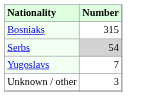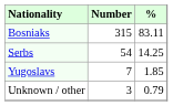 <table border=1 cellpadding=4 cellspacing=0 class="toccolours" style="align: left; margin: 0.5em 0 0 0; border-style: solid; border: 1px solid #999; border-right-width: 2px; border-bottom-width: 2px; border-collapse: collapse; font-size: 100%;">
 <tr>
 <td style="background:#ddffdd;"><strong>Nationality</strong></td>
 <td colspan=1 style="background:#ddffdd;" align="center"><strong>Number</strong></td>
+<td colspan=1 style="background:#ddffdd;" align="center"><strong>%</strong></td>
 </tr>
 <tr>
 <td style="background:#f3fff3;"><a href='#'>Bosniaks</a></td>
 <td align="right">315</td>
+<td align="right">83.11</td>
 </tr>
 <tr>
 <td style="background:#f3fff3;"><a href='#'>Serbs</a></td>
-<td align="right" style="background: lightgrey;">54</td>
+<td align="right">54</td>
+<td align="right">14.25</td>
 </tr>
 <tr>
 <td style="background:#f3fff3;"><a href='#'>Yugoslavs</a></td>
 <td align="right">7</td>
+<td align="right">1.85</td>
 </tr>
 <tr>
 <td>Unknown / other</td>
 <td align="right">3</td>
+<td align="right">0.79</td>
 </tr>
 </table>
